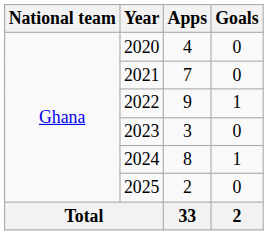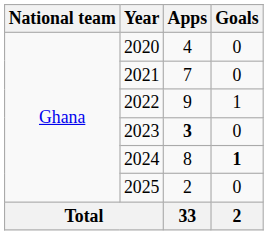 <table class=wikitable style=text-align:center>
 <tr>
 <th>National team</th>
 <th>Year</th>
 <th>Apps</th>
 <th>Goals</th>
 </tr>
 <tr>
 <td rowspan=6><a href='#'>Ghana</a></td>
 <td>2020</td>
 <td>4</td>
 <td>0</td>
 </tr>
 <tr>
 <td>2021</td>
 <td>7</td>
 <td>0</td>
 </tr>
 <tr>
 <td>2022</td>
 <td>9</td>
 <td>1</td>
 </tr>
 <tr>
 <td>2023</td>
-<td>3</td>
+<td><strong>3</strong></td>
 <td>0</td>
 </tr>
 <tr>
 <td>2024</td>
 <td>8</td>
-<td>1</td>
+<td><strong>1</strong></td>
 </tr>
 <tr>
 <td>2025</td>
 <td>2</td>
 <td>0</td>
 </tr>
 <tr>
 <th colspan=2>Total</th>
 <th>33</th>
 <th>2</th>
 </tr>
 </table>
